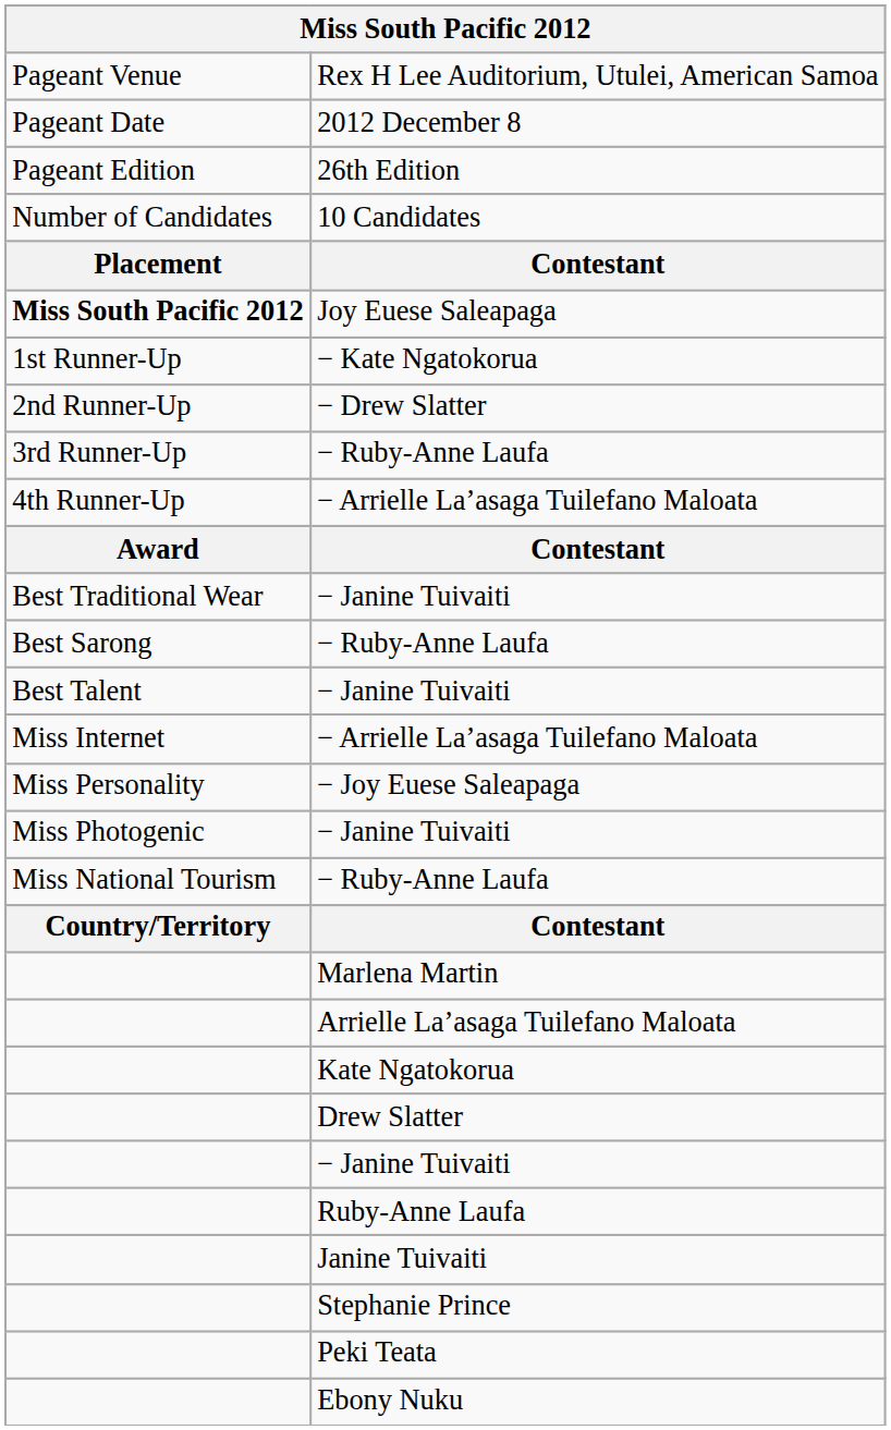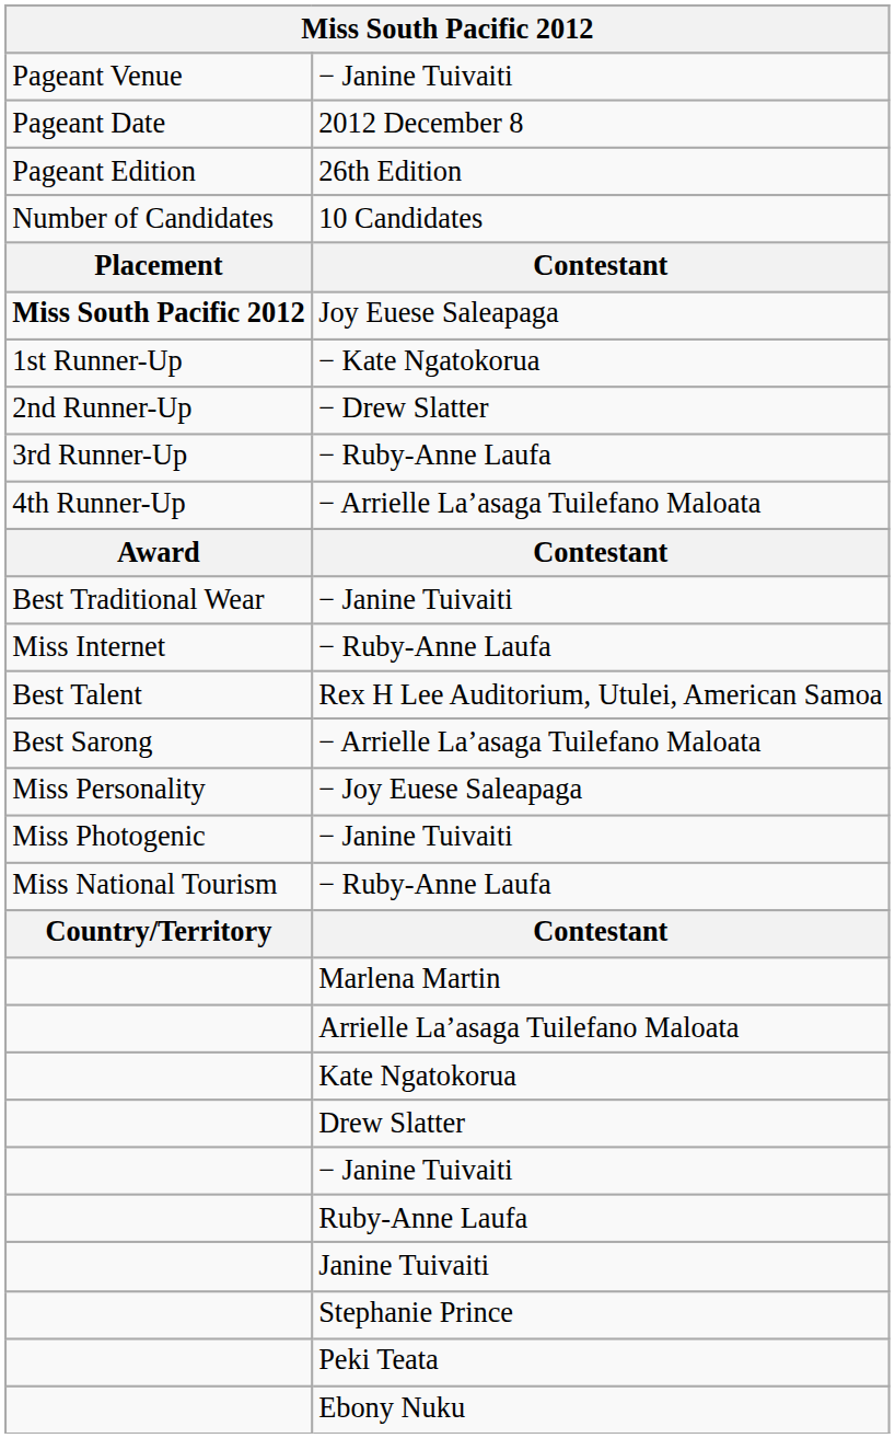 <table class="wikitable sortable" style="font-size: 80%;">
 <tr>
 <th colspan="2"><strong>Miss South Pacific 2012</strong></th>
 </tr>
 <tr>
 <td>Pageant Venue</td>
-<td>Rex H Lee Auditorium, Utulei, American Samoa</td>
+<td> − Janine Tuivaiti</td>
 </tr>
 <tr>
 <td>Pageant Date</td>
 <td>2012 December 8</td>
 </tr>
 <tr>
 <td>Pageant Edition</td>
 <td>26th Edition</td>
 </tr>
 <tr>
 <td>Number of Candidates</td>
 <td>10 Candidates</td>
 </tr>
 <tr>
 <th>Placement</th>
 <th>Contestant</th>
 </tr>
 <tr>
 <td><strong>Miss South Pacific 2012</strong></td>
 <td>Joy Euese Saleapaga</td>
 </tr>
 <tr>
 <td>1st Runner-Up</td>
 <td> − Kate Ngatokorua</td>
 </tr>
 <tr>
 <td>2nd Runner-Up</td>
 <td> − Drew Slatter</td>
 </tr>
 <tr>
 <td>3rd Runner-Up</td>
 <td> − Ruby-Anne Laufa</td>
 </tr>
 <tr>
 <td>4th Runner-Up</td>
 <td> − Arrielle La’asaga Tuilefano Maloata</td>
 </tr>
 <tr>
 <th>Award</th>
 <th>Contestant</th>
 </tr>
 <tr>
 <td>Best Traditional Wear</td>
 <td> − Janine Tuivaiti</td>
 </tr>
 <tr>
-<td>Best Sarong</td>
+<td>Miss Internet</td>
 <td> − Ruby-Anne Laufa</td>
 </tr>
 <tr>
 <td>Best Talent</td>
-<td> − Janine Tuivaiti</td>
+<td>Rex H Lee Auditorium, Utulei, American Samoa</td>
 </tr>
 <tr>
-<td>Miss Internet</td>
+<td>Best Sarong</td>
 <td> − Arrielle La’asaga Tuilefano Maloata</td>
 </tr>
 <tr>
 <td>Miss Personality</td>
 <td> − Joy Euese Saleapaga</td>
 </tr>
 <tr>
 <td>Miss Photogenic</td>
 <td> − Janine Tuivaiti</td>
 </tr>
 <tr>
 <td>Miss National Tourism</td>
 <td> − Ruby-Anne Laufa</td>
 </tr>
 <tr>
 <th><strong>Country/Territory</strong></th>
 <th>Contestant</th>
 </tr>
 <tr>
 <td></td>
 <td>Marlena Martin</td>
 </tr>
 <tr>
 <td></td>
 <td>Arrielle La’asaga Tuilefano Maloata</td>
 </tr>
 <tr>
 <td></td>
 <td>Kate Ngatokorua</td>
 </tr>
 <tr>
 <td></td>
 <td>Drew Slatter</td>
 </tr>
 <tr>
 <td></td>
 <td> − Janine Tuivaiti</td>
 </tr>
 <tr>
 <td></td>
 <td>Ruby-Anne Laufa</td>
 </tr>
 <tr>
 <td></td>
 <td>Janine Tuivaiti</td>
 </tr>
 <tr>
 <td></td>
 <td>Stephanie Prince</td>
 </tr>
 <tr>
 <td></td>
 <td>Peki Teata</td>
 </tr>
 <tr>
 <td></td>
 <td>Ebony Nuku</td>
 </tr>
 </table>
